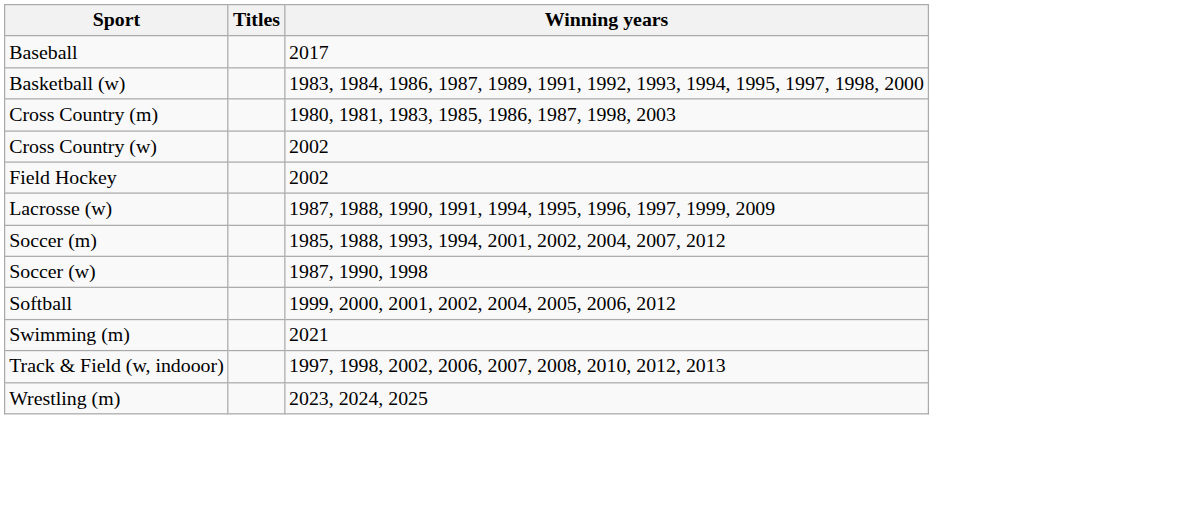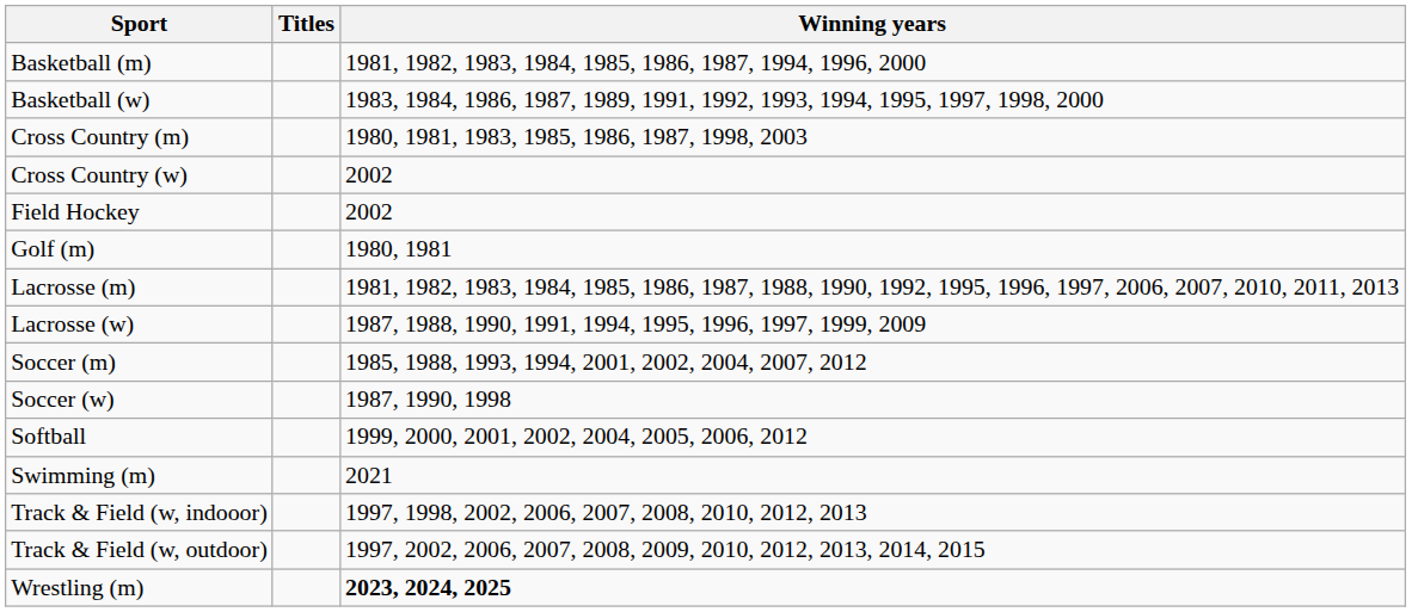 <table class="wikitable sortable"; style=" ">
 <tr>
 <th width=px>Sport</th>
 <th width=px>Titles</th>
 <th width=px>Winning years</th>
 </tr>
 <tr>
-<td>Baseball</td>
+<td>Basketball (m)</td>
 <td></td>
-<td>2017</td>
+<td>1981, 1982, 1983, 1984, 1985, 1986, 1987, 1994, 1996, 2000</td>
 </tr>
 <tr>
 <td>Basketball (w)</td>
 <td></td>
 <td>1983, 1984, 1986, 1987, 1989, 1991, 1992, 1993, 1994, 1995, 1997, 1998, 2000</td>
 </tr>
 <tr>
 <td>Cross Country (m)</td>
 <td></td>
 <td>1980, 1981, 1983, 1985, 1986, 1987, 1998, 2003</td>
 </tr>
 <tr>
 <td>Cross Country (w)</td>
 <td></td>
 <td>2002</td>
 </tr>
 <tr>
 <td>Field Hockey</td>
 <td></td>
 <td>2002</td>
+</tr>
+<tr>
+<td>Golf (m)</td>
+<td></td>
+<td>1980, 1981</td>
+</tr>
+<tr>
+<td>Lacrosse (m)</td>
+<td></td>
+<td>1981, 1982, 1983, 1984, 1985, 1986, 1987, 1988, 1990, 1992, 1995, 1996, 1997, 2006, 2007, 2010, 2011, 2013</td>
 </tr>
 <tr>
 <td>Lacrosse (w)</td>
 <td></td>
 <td>1987, 1988, 1990, 1991, 1994, 1995, 1996, 1997, 1999, 2009</td>
 </tr>
 <tr>
 <td>Soccer (m)</td>
 <td></td>
 <td>1985, 1988, 1993, 1994, 2001, 2002, 2004, 2007, 2012</td>
 </tr>
 <tr>
 <td>Soccer (w)</td>
 <td></td>
 <td>1987, 1990, 1998</td>
 </tr>
 <tr>
 <td>Softball</td>
 <td></td>
 <td>1999, 2000, 2001, 2002, 2004, 2005, 2006, 2012</td>
 </tr>
 <tr>
 <td>Swimming (m)</td>
 <td></td>
 <td>2021</td>
 </tr>
 <tr>
 <td>Track & Field (w, indooor)</td>
 <td></td>
 <td>1997, 1998, 2002, 2006, 2007, 2008, 2010, 2012, 2013</td>
 </tr>
 <tr>
+<td>Track & Field (w, outdoor)</td>
+<td></td>
+<td>1997, 2002, 2006, 2007, 2008, 2009, 2010, 2012, 2013, 2014, 2015</td>
+</tr>
+<tr>
 <td>Wrestling (m)</td>
 <td></td>
-<td>2023, 2024, 2025</td>
+<td><strong>2023, 2024, 2025</strong></td>
 </tr>
 </table>
